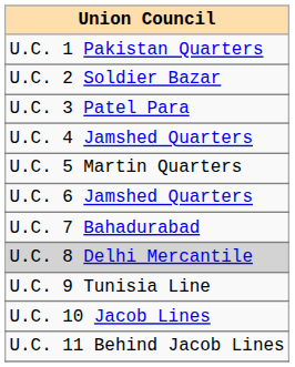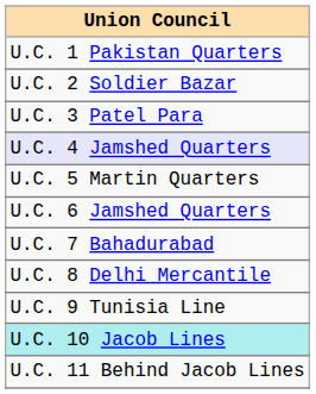 <table class="sortable wikitable" align="left" style="font-size:90%">
 <tr>
 <th style="background:#ffdead;"><strong>Union Council</strong></th>
 </tr>
 <tr>
 <td style="border-bottom:1px solid grey;">U.C. 1 <a href='#'>Pakistan Quarters</a></td>
 </tr>
 <tr>
 <td style="border-bottom:1px solid grey;">U.C. 2 <a href='#'>Soldier Bazar</a></td>
 </tr>
 <tr>
 <td style="border-bottom:1px solid grey;">U.C. 3 <a href='#'>Patel Para</a></td>
 </tr>
 <tr>
-<td style="border-bottom:1px solid grey;">U.C. 4 <a href='#'>Jamshed Quarters</a></td>
+<td style="background: lavender; border-bottom:1px solid grey;">U.C. 4 <a href='#'>Jamshed Quarters</a></td>
 </tr>
 <tr>
 <td style="border-bottom:1px solid grey;">U.C. 5 Martin Quarters</td>
 </tr>
 <tr>
 <td style="border-bottom:1px solid grey;">U.C. 6 <a href='#'>Jamshed Quarters</a></td>
 </tr>
 <tr>
 <td style="border-bottom:1px solid grey;">U.C. 7 <a href='#'>Bahadurabad</a></td>
 </tr>
 <tr>
-<td style="background: lightgrey; border-bottom:1px solid grey;">U.C. 8 <a href='#'>Delhi Mercantile</a></td>
+<td style="border-bottom:1px solid grey;">U.C. 8 <a href='#'>Delhi Mercantile</a></td>
 </tr>
 <tr>
 <td style="border-bottom:1px solid grey;">U.C. 9 Tunisia Line</td>
 </tr>
 <tr>
-<td style="border-bottom:1px solid grey;">U.C. 10 <a href='#'>Jacob Lines</a></td>
+<td style="background: paleturquoise; border-bottom:1px solid grey;">U.C. 10 <a href='#'>Jacob Lines</a></td>
 </tr>
 <tr>
 <td style="border-bottom:1px solid grey;">U.C. 11 Behind Jacob Lines</td>
 </tr>
 </table>
